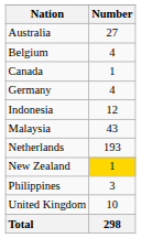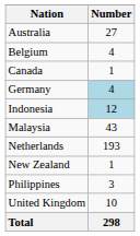 <table class="sortable wikitable" style="font-size:85%; margin:0 0 0.5em 1em; float:right;">
 <tr>
 </tr>
 <tr>
 <th>Nation</th>
 <th data-sort-type="number">Number</th>
 </tr>
 <tr>
 <td>Australia</td>
 <td style="text-align:center;">27</td>
 </tr>
 <tr>
 <td>Belgium</td>
 <td style="text-align:center;">4</td>
 </tr>
 <tr>
 <td>Canada</td>
 <td style="text-align:center;">1</td>
 </tr>
 <tr>
 <td>Germany</td>
-<td style="text-align:center;">4</td>
+<td style="background: lightblue; text-align:center;">4</td>
 </tr>
 <tr>
 <td>Indonesia</td>
-<td style="text-align:center;">12</td>
+<td style="background: lightblue; text-align:center;">12</td>
 </tr>
 <tr>
 <td>Malaysia</td>
 <td style="text-align:center;">43</td>
 </tr>
 <tr>
 <td>Netherlands</td>
 <td style="text-align:center;">193</td>
 </tr>
 <tr>
 <td>New Zealand</td>
-<td style="background: gold; text-align:center;">1</td>
+<td style="text-align:center;">1</td>
 </tr>
 <tr>
 <td>Philippines</td>
 <td style="text-align:center;">3</td>
 </tr>
 <tr>
 <td>United Kingdom</td>
 <td style="text-align:center;">10</td>
 </tr>
 <tr class="sortbottom">
 <th style="text-align:left;">Total</th>
 <th style="text-align:center;">298</th>
 </tr>
 </table>
